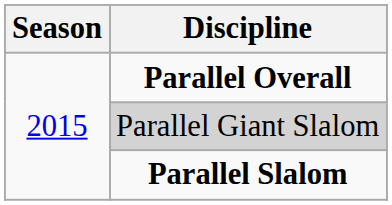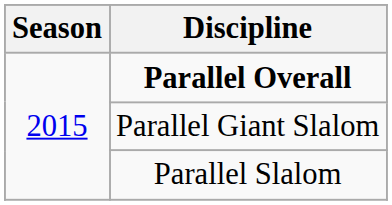 <table class="wikitable">
 <tr>
 <th>Season</th>
 <th>Discipline</th>
 </tr>
 <tr>
 <td rowspan=3 align=center><a href='#'>2015</a></td>
 <td align=center><strong>Parallel Overall</strong></td>
 </tr>
 <tr>
-<td align=center style="background: lightgrey;">Parallel Giant Slalom</td>
+<td align=center>Parallel Giant Slalom</td>
 </tr>
 <tr>
-<td align=center><strong>Parallel Slalom</strong></td>
+<td align=center>Parallel Slalom</td>
 </tr>
 </table>
